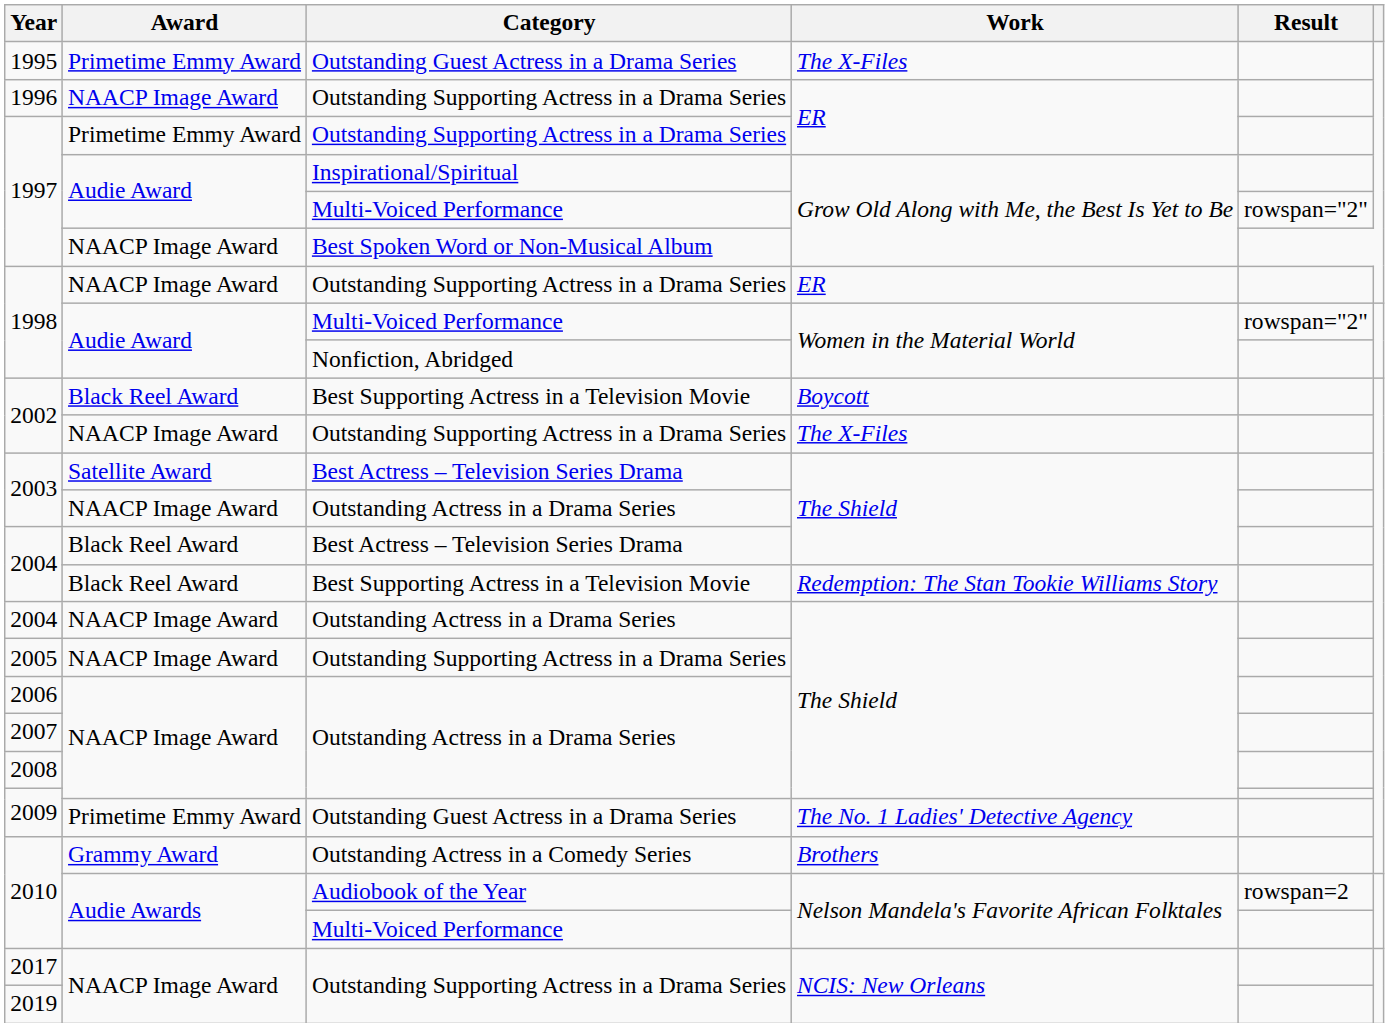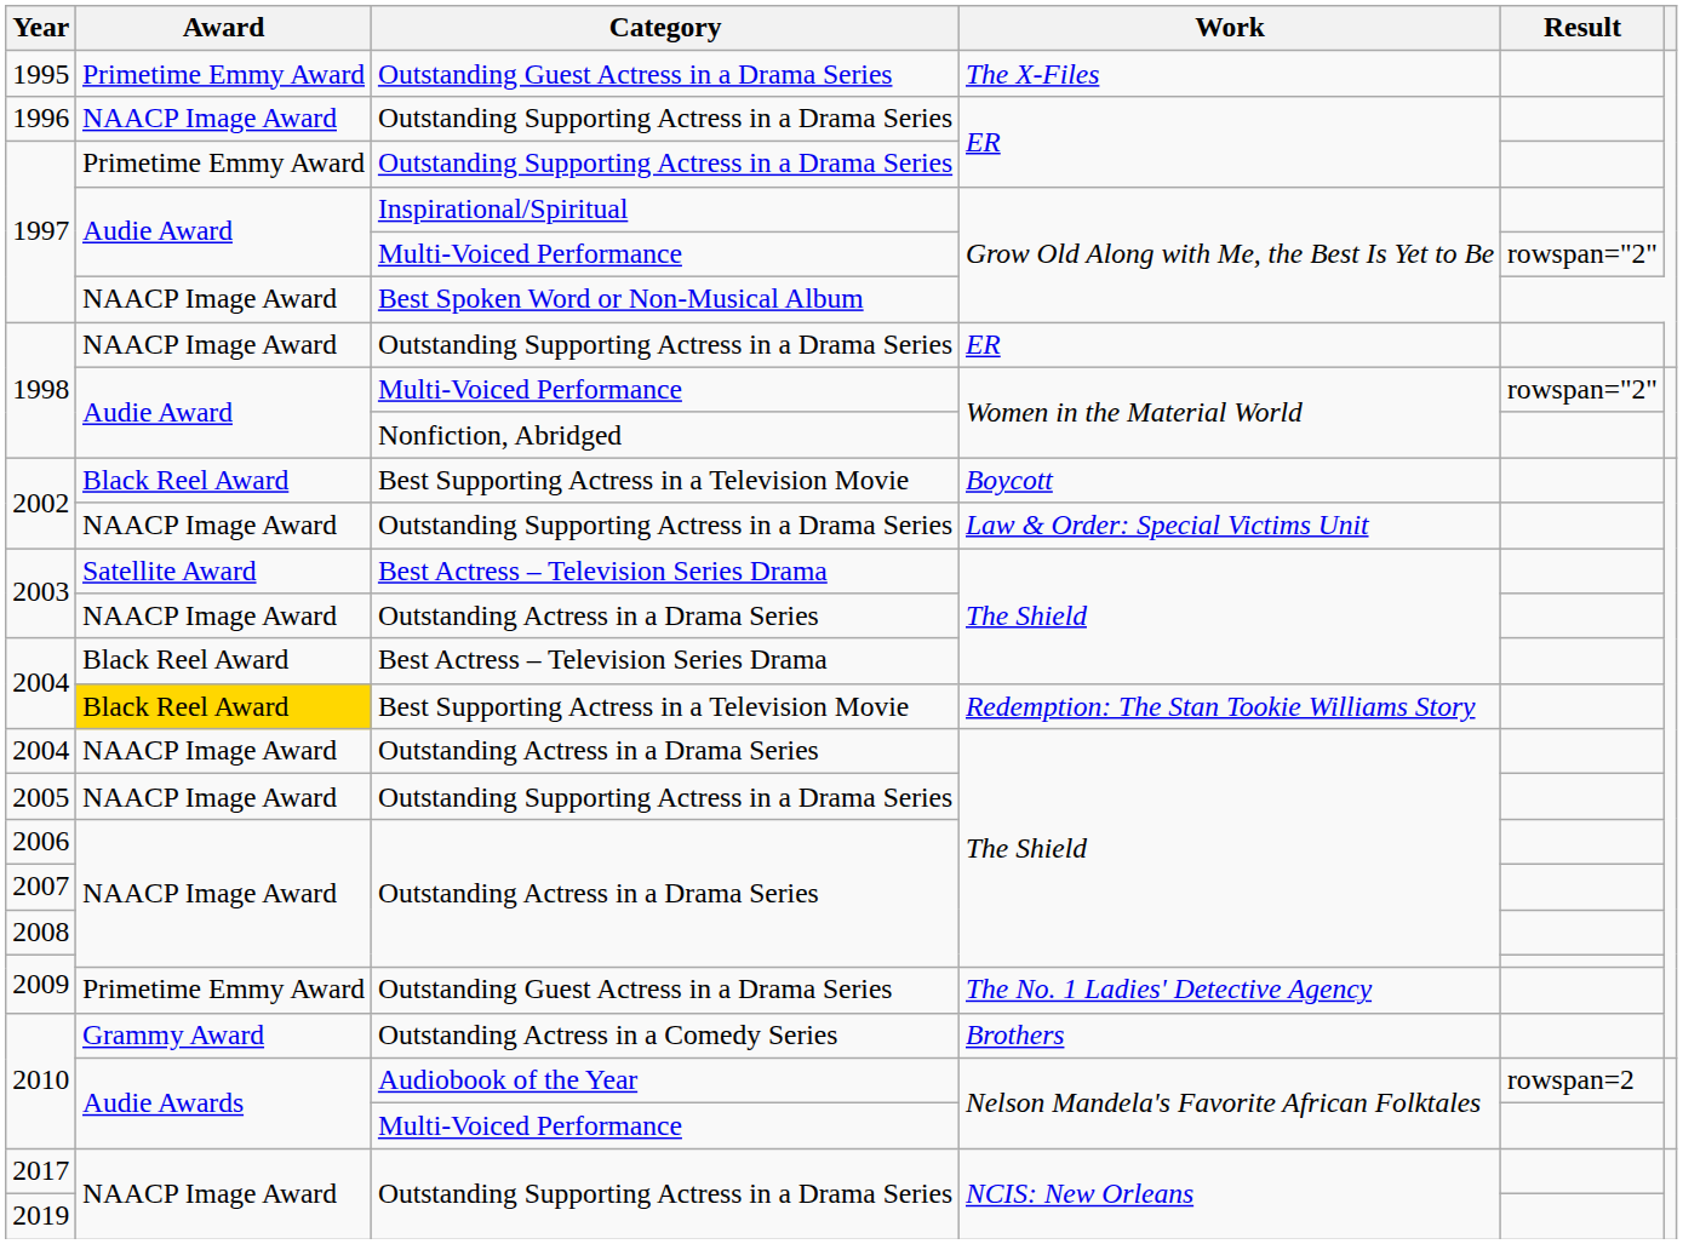 <table class="wikitable sortable">
 <tr>
 <th>Year</th>
 <th>Award</th>
 <th>Category</th>
 <th>Work</th>
 <th>Result</th>
 <th class="unsortable"></th>
 </tr>
 <tr>
 <td>1995</td>
 <td><a href='#'>Primetime Emmy Award</a></td>
 <td><a href='#'>Outstanding Guest Actress in a Drama Series</a></td>
 <td><em><a href='#'>The X-Files</a></em></td>
 <td></td>
 </tr>
 <tr>
 <td>1996</td>
 <td><a href='#'>NAACP Image Award</a></td>
 <td>Outstanding Supporting Actress in a Drama Series</td>
 <td rowspan="2"><em><a href='#'>ER</a></em></td>
 <td></td>
 </tr>
 <tr>
 <td rowspan="4">1997</td>
 <td>Primetime Emmy Award</td>
 <td><a href='#'>Outstanding Supporting Actress in a Drama Series</a></td>
 <td></td>
 </tr>
 <tr>
 <td rowspan="2"><a href='#'>Audie Award</a></td>
 <td><a href='#'>Inspirational/Spiritual</a></td>
 <td rowspan="3"><em>Grow Old Along with Me, the Best Is Yet to Be</em></td>
 <td></td>
 </tr>
 <tr>
 <td><a href='#'>Multi-Voiced Performance</a></td>
 <td>rowspan="2"</td>
 </tr>
 <tr>
 <td>NAACP Image Award</td>
 <td><a href='#'>Best Spoken Word or Non-Musical Album</a></td>
 </tr>
 <tr>
 <td rowspan="3">1998</td>
 <td>NAACP Image Award</td>
 <td>Outstanding Supporting Actress in a Drama Series</td>
 <td><em><a href='#'>ER</a></em></td>
 <td></td>
 </tr>
 <tr>
 <td rowspan="2"><a href='#'>Audie Award</a></td>
 <td><a href='#'>Multi-Voiced Performance</a></td>
 <td rowspan="2"><em>Women in the Material World</em></td>
 <td>rowspan="2"</td>
 <td rowspan="2"></td>
 </tr>
 <tr>
 <td>Nonfiction, Abridged</td>
 </tr>
 <tr>
 <td rowspan="2">2002</td>
 <td><a href='#'>Black Reel Award</a></td>
 <td>Best Supporting Actress in a Television Movie</td>
 <td><em><a href='#'>Boycott</a></em></td>
 <td></td>
 </tr>
 <tr>
 <td>NAACP Image Award</td>
 <td>Outstanding Supporting Actress in a Drama Series</td>
-<td><em><a href='#'>The X-Files</a></em></td>
+<td><em><a href='#'>Law & Order: Special Victims Unit</a></em></td>
 <td></td>
 </tr>
 <tr>
 <td rowspan="2">2003</td>
 <td><a href='#'>Satellite Award</a></td>
 <td><a href='#'>Best Actress – Television Series Drama</a></td>
 <td rowspan="3"><em><a href='#'>The Shield</a></em></td>
 <td></td>
 </tr>
 <tr>
 <td>NAACP Image Award</td>
 <td>Outstanding Actress in a Drama Series</td>
 <td></td>
 </tr>
 <tr>
 <td rowspan="2">2004</td>
 <td>Black Reel Award</td>
 <td>Best Actress – Television Series Drama</td>
 <td></td>
 </tr>
 <tr>
-<td>Black Reel Award</td>
+<td style="background: gold;">Black Reel Award</td>
 <td>Best Supporting Actress in a Television Movie</td>
 <td><em><a href='#'>Redemption: The Stan Tookie Williams Story</a></em></td>
 <td></td>
 </tr>
 <tr>
 <td>2004</td>
 <td>NAACP Image Award</td>
 <td>Outstanding Actress in a Drama Series</td>
 <td rowspan="6"><em>The Shield</em></td>
 <td></td>
 </tr>
 <tr>
 <td>2005</td>
 <td>NAACP Image Award</td>
 <td>Outstanding Supporting Actress in a Drama Series</td>
 <td></td>
 </tr>
 <tr>
 <td>2006</td>
 <td rowspan="4">NAACP Image Award</td>
 <td rowspan="4">Outstanding Actress in a Drama Series</td>
 <td></td>
 </tr>
 <tr>
 <td>2007</td>
 <td></td>
 </tr>
 <tr>
 <td>2008</td>
 <td></td>
 </tr>
 <tr>
 <td rowspan="2">2009</td>
 <td></td>
 </tr>
 <tr>
 <td>Primetime Emmy Award</td>
 <td>Outstanding Guest Actress in a Drama Series</td>
 <td><em><a href='#'>The No. 1 Ladies' Detective Agency</a></em></td>
 <td></td>
 </tr>
 <tr>
 <td rowspan=3>2010</td>
 <td><a href='#'>Grammy Award</a></td>
 <td>Outstanding Actress in a Comedy Series</td>
 <td><em><a href='#'>Brothers</a></em></td>
 <td></td>
 </tr>
 <tr>
 <td rowspan="2"><a href='#'>Audie Awards</a></td>
 <td><a href='#'>Audiobook of the Year</a></td>
 <td rowspan=2><em>Nelson Mandela's Favorite African Folktales</em></td>
 <td>rowspan=2 </td>
 <td rowspan=2></td>
 </tr>
 <tr>
 <td><a href='#'>Multi-Voiced Performance</a></td>
 </tr>
 <tr>
 <td>2017</td>
 <td rowspan="2">NAACP Image Award</td>
 <td rowspan="2">Outstanding Supporting Actress in a Drama Series</td>
 <td rowspan="2"><em><a href='#'>NCIS: New Orleans</a></em></td>
 <td></td>
 </tr>
 <tr>
 <td>2019</td>
 <td></td>
 </tr>
 </table>
